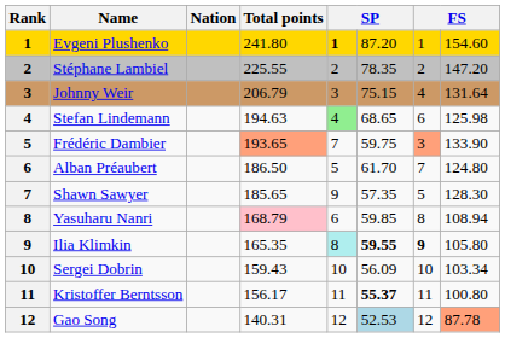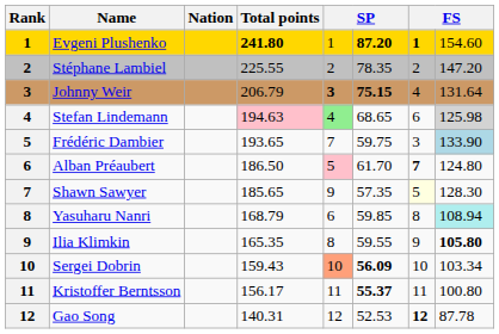 <table class="wikitable">
 <tr>
 <th>Rank</th>
 <th>Name</th>
 <th>Nation</th>
 <th>Total points</th>
 <th colspan="2" width="80px"><a href='#'>SP</a></th>
 <th colspan="2" width="80px"><a href='#'>FS</a></th>
 </tr>
 <tr bgcolor="gold">
 <td align="center"><strong>1</strong></td>
 <td><a href='#'>Evgeni Plushenko</a></td>
 <td></td>
-<td>241.80</td>
+<td><strong>241.80</strong></td>
+<td>1</td>
+<td><strong>87.20</strong></td>
 <td><strong>1</strong></td>
-<td>87.20</td>
-<td>1</td>
 <td>154.60</td>
 </tr>
 <tr bgcolor="silver">
 <td align="center"><strong>2</strong></td>
 <td><a href='#'>Stéphane Lambiel</a></td>
 <td></td>
 <td>225.55</td>
 <td>2</td>
 <td>78.35</td>
 <td>2</td>
 <td>147.20</td>
 </tr>
 <tr bgcolor="cc9966">
 <td align="center"><strong>3</strong></td>
 <td><a href='#'>Johnny Weir</a></td>
 <td></td>
 <td>206.79</td>
-<td>3</td>
-<td>75.15</td>
+<td><strong>3</strong></td>
+<td><strong>75.15</strong></td>
 <td>4</td>
 <td>131.64</td>
 </tr>
 <tr>
 <th>4</th>
 <td><a href='#'>Stefan Lindemann</a></td>
 <td></td>
-<td>194.63</td>
+<td style="background: pink;">194.63</td>
 <td style="background: lightgreen;">4</td>
 <td>68.65</td>
 <td>6</td>
-<td>125.98</td>
+<td style="background: lightgrey;">125.98</td>
 </tr>
 <tr>
 <th>5</th>
 <td><a href='#'>Frédéric Dambier</a></td>
 <td></td>
-<td style="background: lightsalmon;">193.65</td>
+<td>193.65</td>
 <td>7</td>
 <td>59.75</td>
-<td style="background: lightsalmon;">3</td>
-<td>133.90</td>
+<td>3</td>
+<td style="background: lightblue;">133.90</td>
 </tr>
 <tr>
 <th>6</th>
 <td><a href='#'>Alban Préaubert</a></td>
 <td></td>
 <td>186.50</td>
-<td>5</td>
+<td style="background: pink;">5</td>
 <td>61.70</td>
-<td>7</td>
+<td><strong>7</strong></td>
 <td>124.80</td>
 </tr>
 <tr>
 <th>7</th>
 <td><a href='#'>Shawn Sawyer</a></td>
 <td></td>
 <td>185.65</td>
 <td>9</td>
 <td>57.35</td>
-<td>5</td>
+<td style="background: lightyellow;">5</td>
 <td>128.30</td>
 </tr>
 <tr>
 <th>8</th>
 <td><a href='#'>Yasuharu Nanri</a></td>
 <td></td>
-<td style="background: pink;">168.79</td>
+<td>168.79</td>
 <td>6</td>
 <td>59.85</td>
 <td>8</td>
-<td>108.94</td>
+<td style="background: paleturquoise;">108.94</td>
 </tr>
 <tr>
 <th>9</th>
 <td><a href='#'>Ilia Klimkin</a></td>
 <td></td>
 <td>165.35</td>
-<td style="background: paleturquoise;">8</td>
-<td><strong>59.55</strong></td>
-<td><strong>9</strong></td>
-<td>105.80</td>
+<td>8</td>
+<td>59.55</td>
+<td>9</td>
+<td><strong>105.80</strong></td>
 </tr>
 <tr>
 <th>10</th>
 <td><a href='#'>Sergei Dobrin</a></td>
 <td></td>
 <td>159.43</td>
-<td>10</td>
-<td>56.09</td>
+<td style="background: lightsalmon;">10</td>
+<td><strong>56.09</strong></td>
 <td>10</td>
 <td>103.34</td>
 </tr>
 <tr>
 <th>11</th>
 <td><a href='#'>Kristoffer Berntsson</a></td>
 <td></td>
 <td>156.17</td>
 <td>11</td>
 <td><strong>55.37</strong></td>
 <td>11</td>
 <td>100.80</td>
 </tr>
 <tr>
 <th>12</th>
 <td><a href='#'>Gao Song</a></td>
 <td></td>
 <td>140.31</td>
 <td>12</td>
-<td style="background: lightblue;">52.53</td>
-<td>12</td>
-<td style="background: lightsalmon;">87.78</td>
+<td>52.53</td>
+<td><strong>12</strong></td>
+<td>87.78</td>
 </tr>
 </table>
